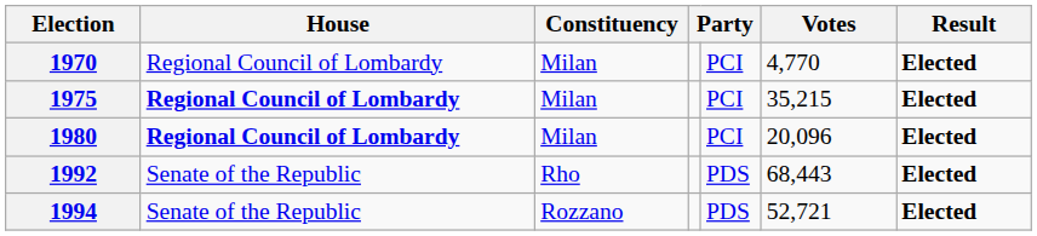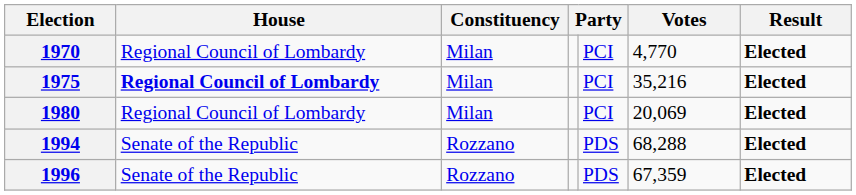 <table class=wikitable style="width:55%; border:1px #AAAAFF solid">
 <tr>
 <th width=12%>Election</th>
 <th width=35%>House</th>
 <th width=10%>Constituency</th>
 <th width=5% colspan="2">Party</th>
 <th width=12%>Votes</th>
 <th width=12%>Result</th>
 </tr>
 <tr>
 <th><a href='#'>1970</a></th>
 <td><a href='#'>Regional Council of Lombardy</a></td>
 <td><a href='#'>Milan</a></td>
 <td></td>
 <td><a href='#'>PCI</a></td>
 <td>4,770</td>
 <td> <strong>Elected</strong></td>
 </tr>
 <tr>
 <th><a href='#'>1975</a></th>
 <td><strong><a href='#'>Regional Council of Lombardy</a></strong></td>
 <td><a href='#'>Milan</a></td>
 <td></td>
 <td><a href='#'>PCI</a></td>
-<td>35,215</td>
+<td>35,216</td>
 <td> <strong>Elected</strong></td>
 </tr>
 <tr>
 <th><a href='#'>1980</a></th>
-<td><strong><a href='#'>Regional Council of Lombardy</a></strong></td>
+<td><a href='#'>Regional Council of Lombardy</a></td>
 <td><a href='#'>Milan</a></td>
 <td></td>
 <td><a href='#'>PCI</a></td>
-<td>20,096</td>
-<td> <strong>Elected</strong></td>
-</tr>
-<tr>
-<th><a href='#'>1992</a></th>
-<td><a href='#'>Senate of the Republic</a></td>
-<td><a href='#'>Rho</a></td>
-<td></td>
-<td><a href='#'>PDS</a></td>
-<td>68,443</td>
+<td>20,069</td>
 <td> <strong>Elected</strong></td>
 </tr>
 <tr>
 <th><a href='#'>1994</a></th>
 <td><a href='#'>Senate of the Republic</a></td>
 <td><a href='#'>Rozzano</a></td>
 <td></td>
 <td><a href='#'>PDS</a></td>
-<td>52,721</td>
+<td>68,288</td>
+<td> <strong>Elected</strong></td>
+</tr>
+<tr>
+<th><a href='#'>1996</a></th>
+<td><a href='#'>Senate of the Republic</a></td>
+<td><a href='#'>Rozzano</a></td>
+<td></td>
+<td><a href='#'>PDS</a></td>
+<td>67,359</td>
 <td> <strong>Elected</strong></td>
 </tr>
 </table>
